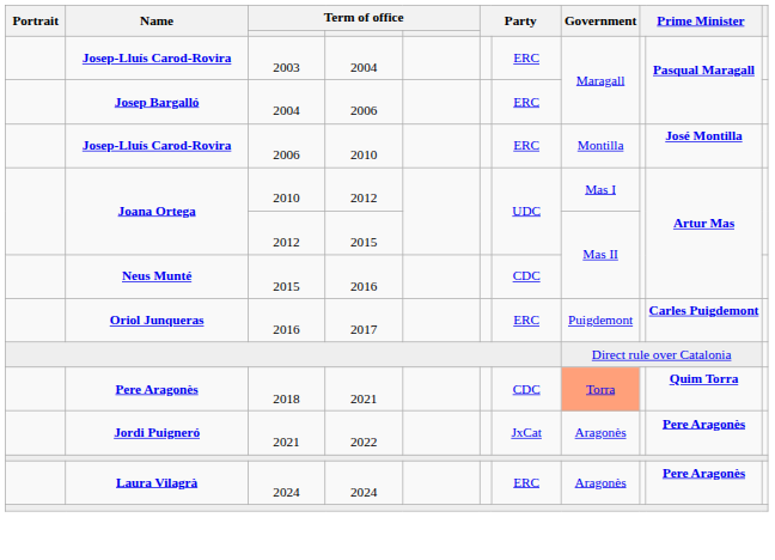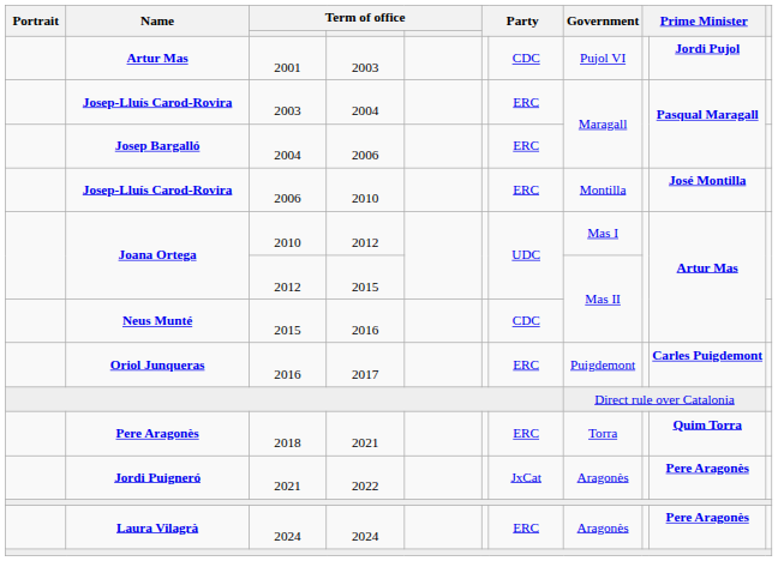 <table class="wikitable" style="line-height:1.4em; text-align:center; border:1px #aaf solid;">
 <tr>
 <th rowspan="2" width="65">Portrait</th>
 <th rowspan="2" width="210">Name<br></th>
 <th colspan="3">Term of office</th>
 <th rowspan="2" colspan="2" width="90">Party</th>
 <th rowspan="2">Government</th>
 <th rowspan="2" colspan="2"><a href='#'>Prime Minister</a><br></th>
 <th rowspan="2"></th>
 </tr>
 <tr>
 <th width="85"></th>
 <th width="85"></th>
 <th width="85"></th>
+</tr>
+<tr>
+<td></td>
+<td><strong><a href='#'>Artur Mas</a></strong><br></td>
+<td class="nowrap"><br>2001</td>
+<td class="nowrap"><br>2003</td>
+<td style="font-size:95%;"></td>
+<td width="1" style="color:inherit;background:"></td>
+<td><a href='#'>CDC</a></td>
+<td><a href='#'>Pujol VI</a></td>
+<td width="1" style="color:inherit;background:"></td>
+<td><strong><a href='#'>Jordi Pujol</a></strong><br><br></td>
+<td align="center"></td>
 </tr>
 <tr>
 <td></td>
 <td><strong><a href='#'>Josep-Lluís Carod-Rovira</a></strong><br></td>
 <td class="nowrap"><br>2003</td>
 <td class="nowrap"><br>2004</td>
 <td style="font-size:95%;"></td>
 <td style="color:inherit;background:"></td>
 <td><a href='#'>ERC</a></td>
 <td rowspan="2"><a href='#'>Maragall</a></td>
 <td rowspan="2" style="color:inherit;background:"></td>
 <td rowspan="2"><strong><a href='#'>Pasqual Maragall</a></strong><br><br></td>
 <td align="center"></td>
 </tr>
 <tr>
 <td></td>
 <td><strong><a href='#'>Josep Bargalló</a></strong><br></td>
 <td class="nowrap"><br>2004</td>
 <td class="nowrap"><br>2006</td>
 <td style="font-size:95%;"></td>
 <td style="color:inherit;background:"></td>
 <td><a href='#'>ERC</a></td>
 <td align="center"></td>
 </tr>
 <tr>
 <td></td>
 <td><strong><a href='#'>Josep-Lluís Carod-Rovira</a></strong><br></td>
 <td class="nowrap"><br>2006</td>
 <td class="nowrap"><br>2010</td>
 <td style="font-size:95%;"></td>
 <td style="color:inherit;background:"></td>
 <td><a href='#'>ERC</a></td>
 <td><a href='#'>Montilla</a></td>
 <td style="color:inherit;background:"></td>
 <td><strong><a href='#'>José Montilla</a></strong><br><br></td>
 <td align="center"></td>
 </tr>
 <tr>
 <td rowspan="2"></td>
 <td rowspan="2"><strong><a href='#'>Joana Ortega</a></strong><br></td>
 <td class="nowrap"><br>2010</td>
 <td class="nowrap"><br>2012</td>
 <td rowspan="2"style="font-size:95%;"></td>
 <td rowspan="2" style="color:inherit;background:"></td>
 <td rowspan="2"><a href='#'>UDC</a></td>
 <td><a href='#'>Mas I</a></td>
 <td rowspan="3" style="color:inherit;background:"></td>
 <td rowspan="3"><strong><a href='#'>Artur Mas</a></strong><br><br></td>
 <td rowspan="2" align="center"><br><br></td>
 </tr>
 <tr>
 <td class="nowrap"><br>2012</td>
 <td class="nowrap"><br>2015</td>
 <td rowspan="2"><a href='#'>Mas II</a></td>
 </tr>
 <tr>
 <td></td>
 <td><strong><a href='#'>Neus Munté</a></strong><br></td>
 <td class="nowrap"><br>2015</td>
 <td class="nowrap"><br>2016</td>
 <td style="font-size:95%;"></td>
 <td style="color:inherit;background:"></td>
 <td><a href='#'>CDC</a></td>
 <td align="center"></td>
 </tr>
 <tr>
 <td></td>
 <td><strong><a href='#'>Oriol Junqueras</a></strong><br></td>
 <td class="nowrap"><br>2016</td>
 <td class="nowrap"><br>2017<br></td>
 <td style="font-size:95%;"></td>
 <td style="color:inherit;background:"></td>
 <td><a href='#'>ERC</a></td>
 <td><a href='#'>Puigdemont</a></td>
 <td style="color:inherit;background:"></td>
 <td><strong><a href='#'>Carles Puigdemont</a></strong><br><br></td>
 <td align="center"><br></td>
 </tr>
 <tr>
 <td colspan="7" style="background:#EEEEEE;"></td>
 <td colspan="3" style="background:#EEEEEE;"><a href='#'>Direct rule over Catalonia</a></td>
 <td></td>
 </tr>
 <tr>
 <td></td>
 <td><strong><a href='#'>Pere Aragonès</a></strong><br></td>
 <td class="nowrap"><br>2018</td>
 <td class="nowrap"><br>2021</td>
 <td style="font-size:95%;"></td>
 <td style="color:inherit;background:"></td>
-<td><a href='#'>CDC</a></td>
-<td style="background: lightsalmon;"><a href='#'>Torra</a></td>
+<td><a href='#'>ERC</a></td>
+<td><a href='#'>Torra</a></td>
 <td style="color:inherit;background:"></td>
 <td><strong><a href='#'>Quim Torra</a></strong><br><br></td>
 <td align="center"></td>
 </tr>
 <tr>
 <td></td>
 <td><strong><a href='#'>Jordi Puigneró</a></strong><br></td>
 <td class="nowrap"><br>2021</td>
 <td class="nowrap"><br>2022</td>
 <td style="font-size:95%;"></td>
 <td style="color:inherit;background:"></td>
 <td><a href='#'>JxCat</a></td>
 <td><a href='#'>Aragonès</a></td>
 <td style="color:inherit;background:"></td>
 <td><strong><a href='#'>Pere Aragonès</a></strong><br><br></td>
 <td align="center"><br></td>
 </tr>
 <tr>
 <td colspan="11" style="background:#EEEEEE;"></td>
 </tr>
 <tr>
 <td></td>
 <td><strong><a href='#'>Laura Vilagrà</a></strong><br></td>
 <td class="nowrap"><br>2024</td>
 <td class="nowrap"><br>2024</td>
 <td style="font-size:95%;"></td>
 <td style="color:inherit;background:"></td>
 <td><a href='#'>ERC</a></td>
 <td><a href='#'>Aragonès</a></td>
 <td style="color:inherit;background:"></td>
 <td><strong><a href='#'>Pere Aragonès</a></strong><br><br></td>
 <td align="center"></td>
 </tr>
 <tr>
 <td colspan="11" style="background:#EEEEEE;"></td>
 </tr>
 </table>
